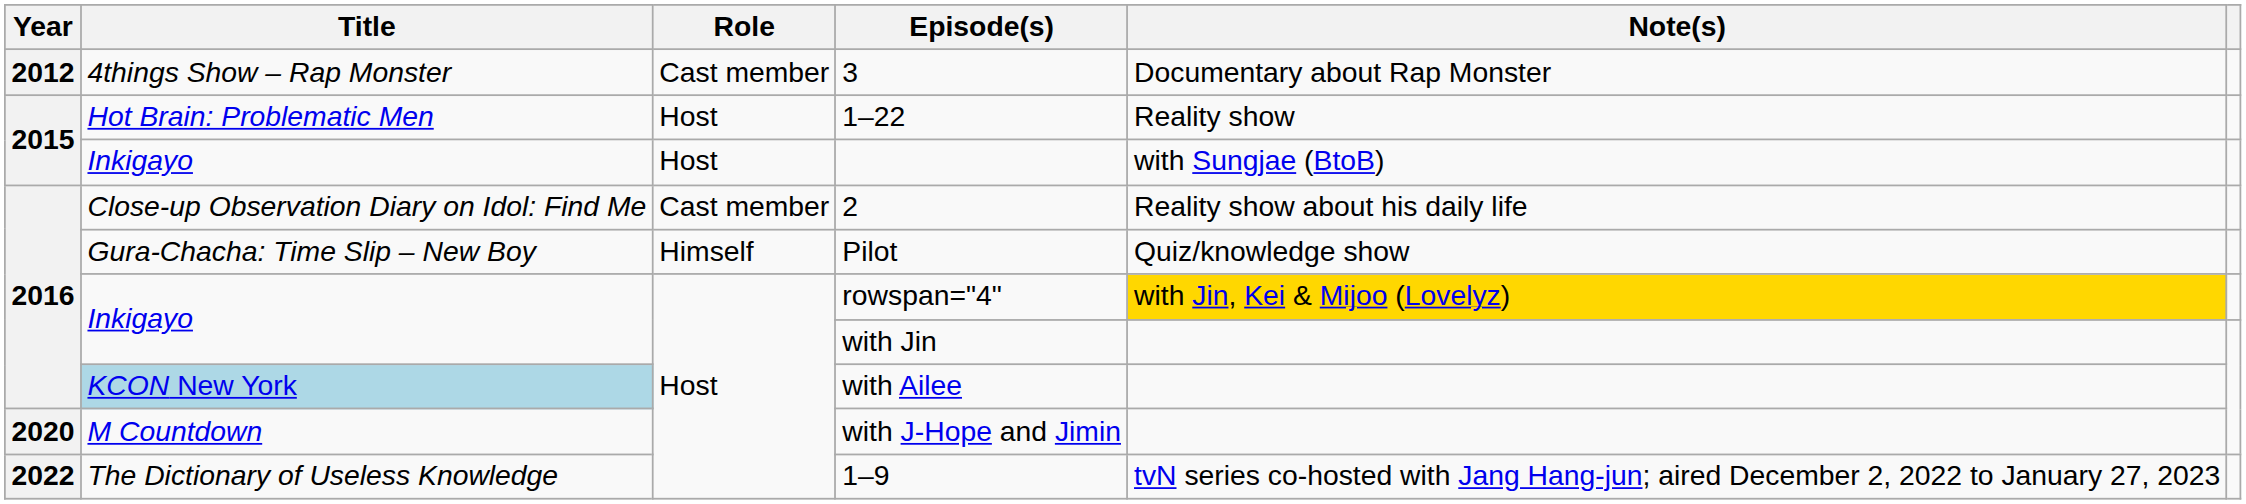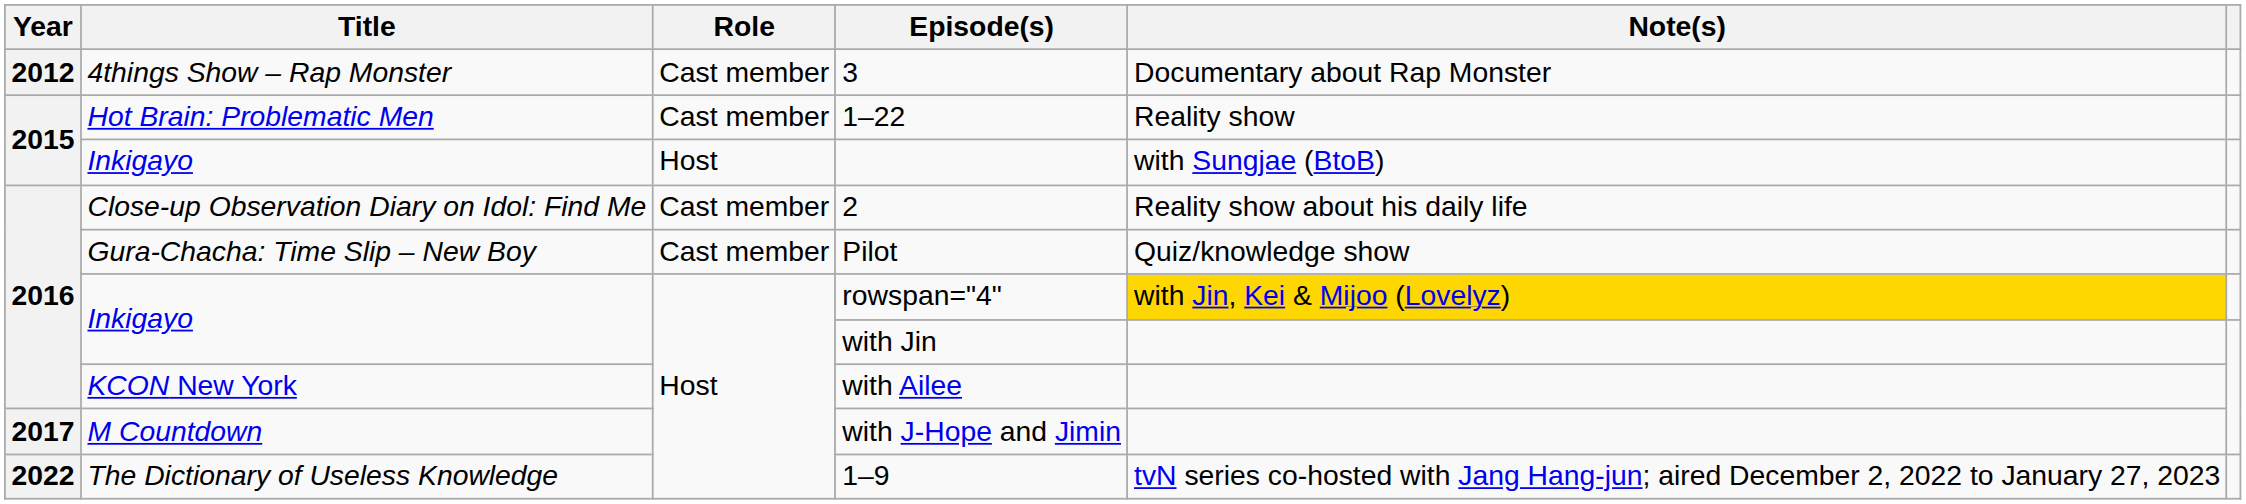 <table class="wikitable plainrowheaders sortable">
 <tr>
 <th scope="col">Year</th>
 <th scope="col">Title</th>
 <th scope="col">Role</th>
 <th scope="col">Episode(s)</th>
 <th scope="col" class="unsortable">Note(s)</th>
 <th scope="col" class="unsortable"></th>
 </tr>
 <tr>
 <th scope="row">2012</th>
 <td><em>4things Show – Rap Monster</em></td>
 <td>Cast member</td>
 <td>3</td>
 <td>Documentary about Rap Monster</td>
 <td style="text-align:center"></td>
 </tr>
 <tr>
 <th scope="row" rowspan="2">2015</th>
 <td><em><a href='#'>Hot Brain: Problematic Men</a></em></td>
-<td>Host</td>
+<td>Cast member</td>
 <td>1–22</td>
 <td>Reality show</td>
 <td style="text-align:center"></td>
 </tr>
 <tr>
 <td><em><a href='#'>Inkigayo</a></em></td>
 <td>Host</td>
 <td></td>
 <td>with <a href='#'>Sungjae</a> (<a href='#'>BtoB</a>)</td>
 <td style="text-align:center"></td>
 </tr>
 <tr>
 <th scope="row" rowspan="5">2016</th>
 <td><em>Close-up Observation Diary on Idol: Find Me</em></td>
 <td>Cast member</td>
 <td>2</td>
 <td>Reality show about his daily life</td>
 <td style="text-align:center"></td>
 </tr>
 <tr>
 <td><em>Gura-Chacha: Time Slip – New Boy</em></td>
-<td>Himself</td>
+<td>Cast member</td>
 <td>Pilot</td>
 <td>Quiz/knowledge show</td>
 <td style="text-align:center"></td>
 </tr>
 <tr>
 <td rowspan="2"><em><a href='#'>Inkigayo</a></em></td>
 <td rowspan="5">Host</td>
 <td>rowspan="4" </td>
 <td style="background: gold;">with <a href='#'>Jin</a>, <a href='#'>Kei</a> & <a href='#'>Mijoo</a> (<a href='#'>Lovelyz</a>)</td>
 <td style="text-align:center"></td>
 </tr>
 <tr>
 <td>with Jin</td>
 <td style="text-align:center"></td>
 </tr>
 <tr>
-<td style="background: lightblue;"><a href='#'><em>KCON</em> New York</a></td>
+<td><a href='#'><em>KCON</em> New York</a></td>
 <td>with <a href='#'>Ailee</a></td>
 <td style="text-align:center"></td>
 </tr>
 <tr>
-<th scope="row">2020</th>
+<th scope="row">2017</th>
 <td><em><a href='#'>M Countdown</a></em></td>
 <td>with <a href='#'>J-Hope</a> and <a href='#'>Jimin</a></td>
 <td style="text-align:center"></td>
 </tr>
 <tr>
 <th scope="row">2022</th>
 <td><em>The Dictionary of Useless Knowledge</em></td>
 <td>1–9</td>
 <td><a href='#'>tvN</a> series co-hosted with <a href='#'>Jang Hang-jun</a>; aired December 2, 2022 to January 27, 2023</td>
 <td style="text-align:center"></td>
 </tr>
 </table>
